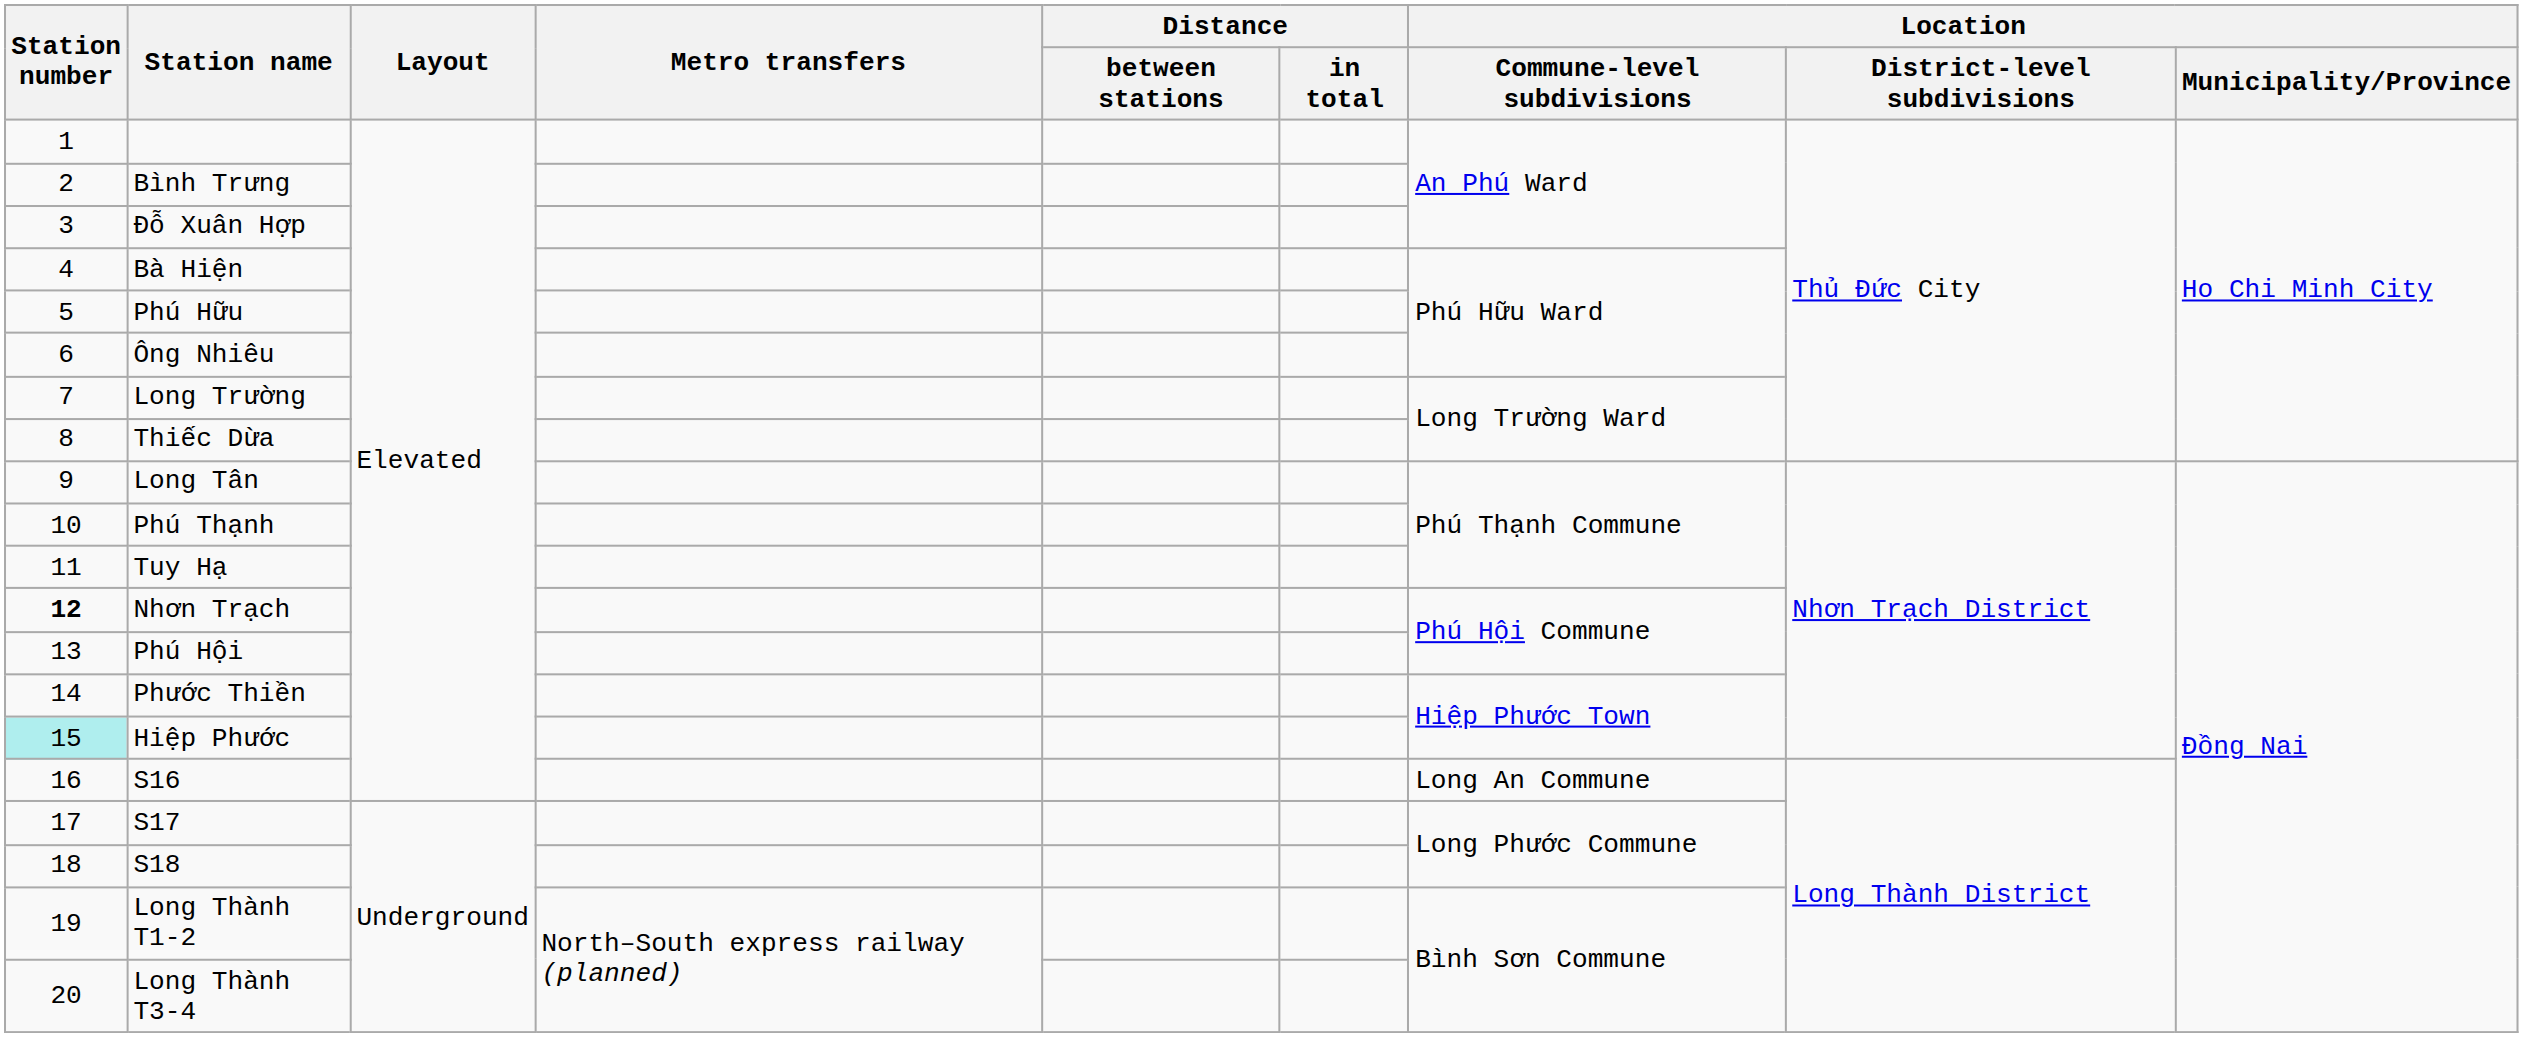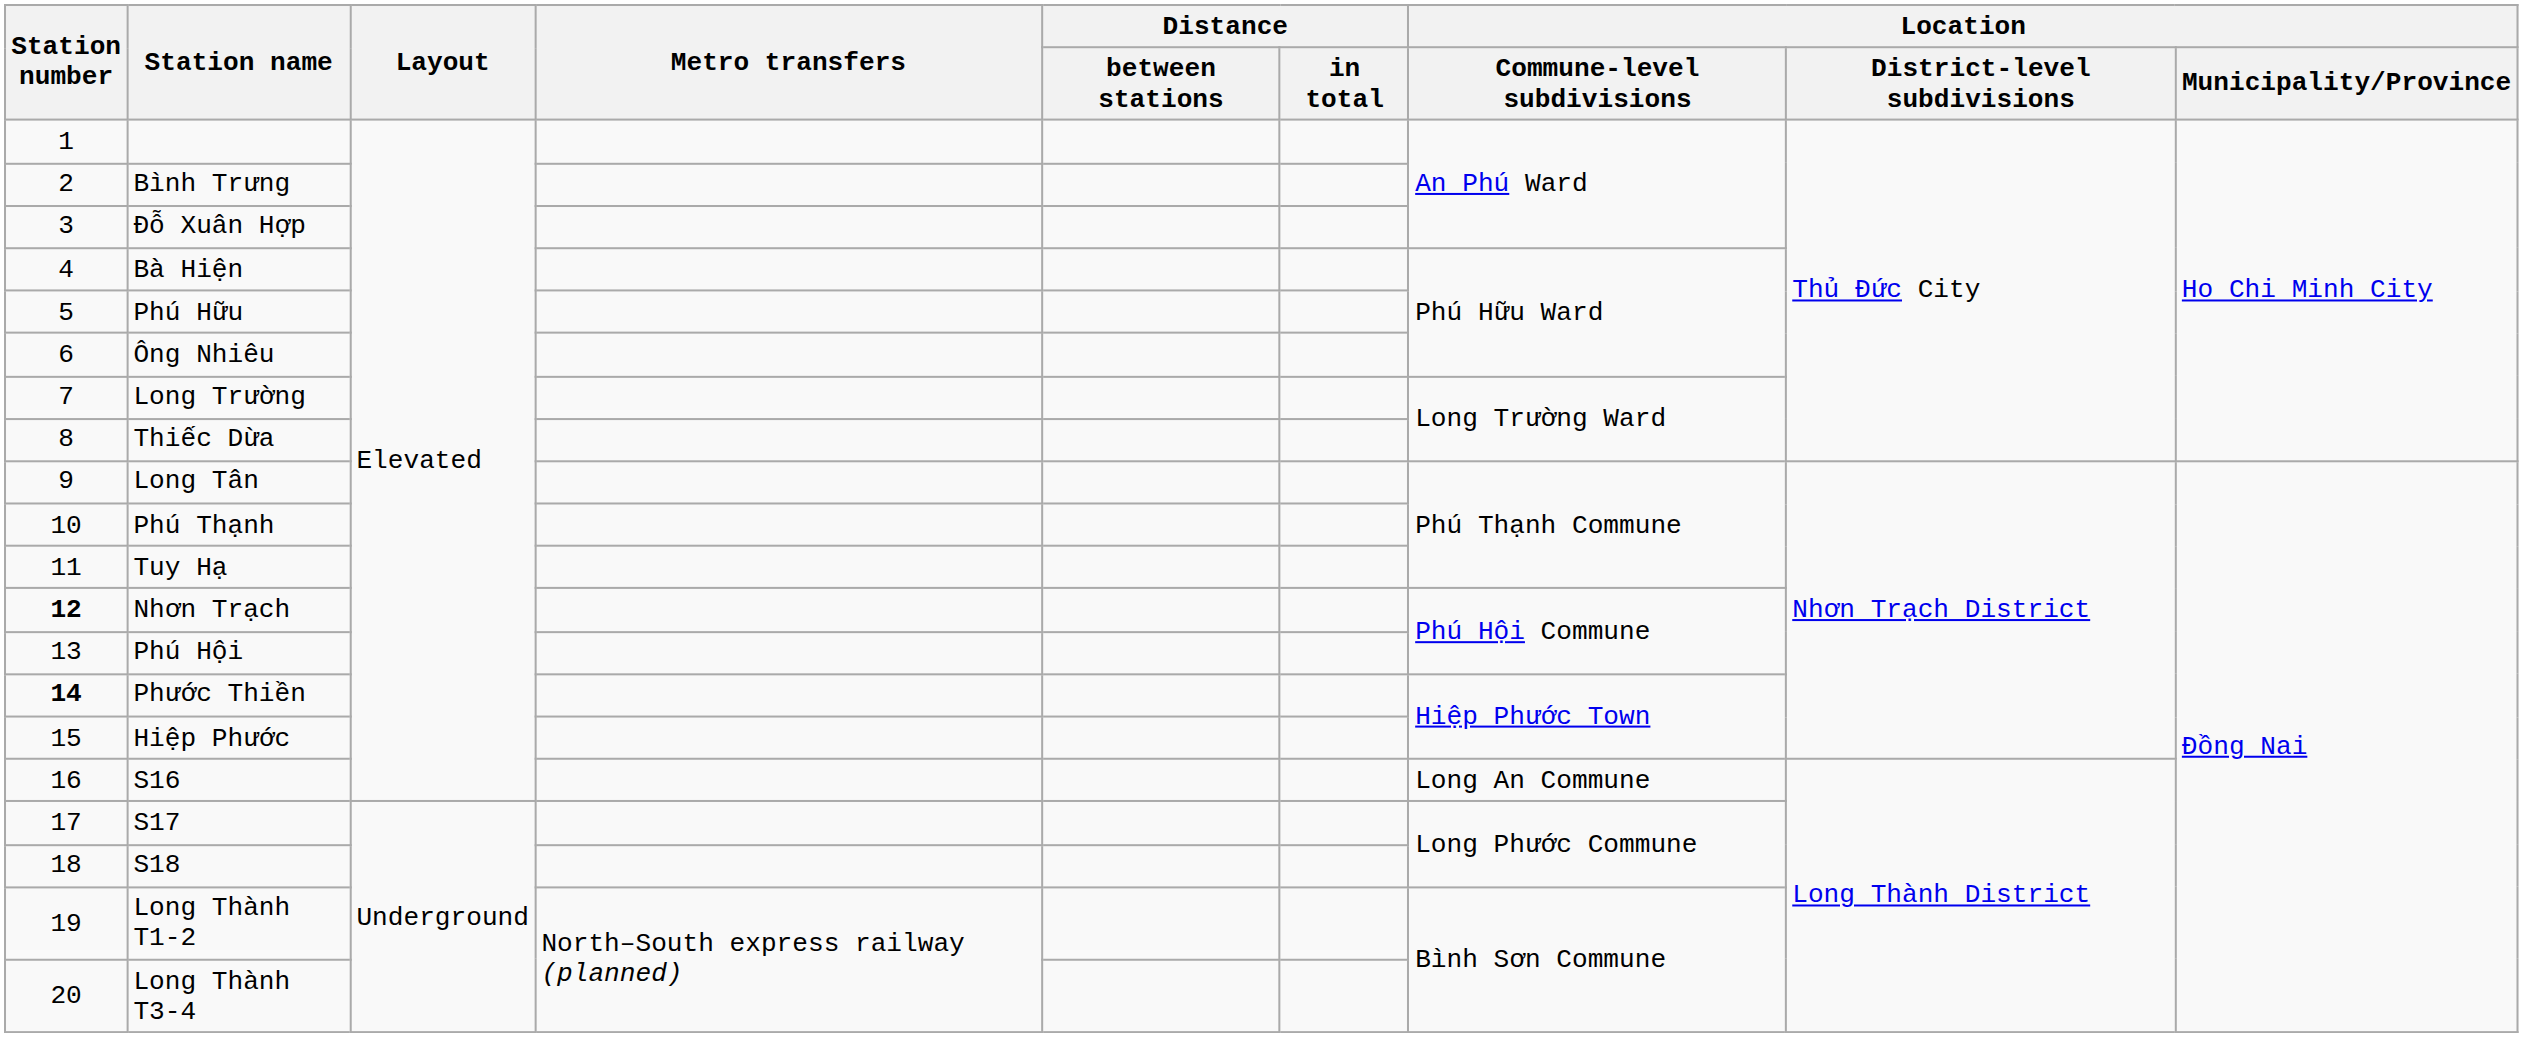 <table class="wikitable">
 <tr>
 <th rowspan=2 width="30">Station number</th>
 <th rowspan="2">Station name</th>
 <th rowspan=2>Layout</th>
 <th rowspan=2>Metro transfers</th>
 <th colspan=2>Distance</th>
 <th colspan=3>Location</th>
 </tr>
 <tr>
 <th>between stations</th>
 <th>in total</th>
 <th>Commune-level subdivisions</th>
 <th>District-level subdivisions</th>
 <th>Municipality/Province</th>
 </tr>
 <tr>
 <td style="text-align:center;">1</td>
 <td></td>
 <td rowspan="16">Elevated</td>
 <td></td>
 <td style="text-align:center;"></td>
 <td style="text-align:center;"></td>
 <td rowspan="3"><a href='#'>An Phú</a> Ward</td>
 <td rowspan="8"><a href='#'>Thủ Đức</a> City</td>
 <td rowspan="8"><a href='#'>Ho Chi Minh City</a></td>
 </tr>
 <tr>
 <td style="text-align:center;">2</td>
 <td>Bình Trưng</td>
 <td></td>
 <td style="text-align:center;"></td>
 <td style="text-align:center;"></td>
 </tr>
 <tr>
 <td style="text-align:center;">3</td>
 <td>Đỗ Xuân Hợp</td>
 <td></td>
 <td style="text-align:center;"></td>
 <td style="text-align:center;"></td>
 </tr>
 <tr>
 <td style="text-align:center;">4</td>
 <td>Bà Hiện</td>
 <td></td>
 <td style="text-align:center;"></td>
 <td style="text-align:center;"></td>
 <td rowspan="3">Phú Hữu Ward</td>
 </tr>
 <tr>
 <td style="text-align:center;">5</td>
 <td>Phú Hữu</td>
 <td></td>
 <td style="text-align:center;"></td>
 <td style="text-align:center;"></td>
 </tr>
 <tr>
 <td style="text-align:center;">6</td>
 <td>Ông Nhiêu</td>
 <td></td>
 <td style="text-align:center;"></td>
 <td style="text-align:center;"></td>
 </tr>
 <tr>
 <td style="text-align:center;">7</td>
 <td>Long Trường</td>
 <td></td>
 <td style="text-align:center;"></td>
 <td style="text-align:center;"></td>
 <td rowspan="2">Long Trường Ward</td>
 </tr>
 <tr>
 <td style="text-align:center;">8</td>
 <td>Thiếc Dừa</td>
 <td></td>
 <td style="text-align:center;"></td>
 <td style="text-align:center;"></td>
 </tr>
 <tr>
 <td style="text-align:center;">9</td>
 <td>Long Tân</td>
 <td></td>
 <td style="text-align:center;"></td>
 <td style="text-align:center;"></td>
 <td rowspan="3">Phú Thạnh Commune</td>
 <td rowspan="7"><a href='#'>Nhơn Trạch District</a></td>
 <td rowspan="12"><a href='#'>Đồng Nai</a></td>
 </tr>
 <tr>
 <td style="text-align:center;">10</td>
 <td>Phú Thạnh</td>
 <td></td>
 <td style="text-align:center;"></td>
 <td style="text-align:center;"></td>
 </tr>
 <tr>
 <td style="text-align:center;">11</td>
 <td>Tuy Hạ</td>
 <td></td>
 <td style="text-align:center;"></td>
 <td style="text-align:center;"></td>
 </tr>
 <tr>
 <td style="text-align:center;"><strong>12</strong></td>
 <td>Nhơn Trạch</td>
 <td></td>
 <td style="text-align:center;"></td>
 <td style="text-align:center;"></td>
 <td rowspan="2"><a href='#'>Phú Hội</a> Commune</td>
 </tr>
 <tr>
 <td style="text-align:center;">13</td>
 <td>Phú Hội</td>
 <td></td>
 <td style="text-align:center;"></td>
 <td style="text-align:center;"></td>
 </tr>
 <tr>
-<td style="text-align:center;">14</td>
+<td style="text-align:center;"><strong>14</strong></td>
 <td>Phước Thiền</td>
 <td></td>
 <td style="text-align:center;"></td>
 <td style="text-align:center;"></td>
 <td rowspan="2"><a href='#'>Hiệp Phước Town</a></td>
 </tr>
 <tr>
-<td style="background: paleturquoise; text-align:center;">15</td>
+<td style="text-align:center;">15</td>
 <td>Hiệp Phước</td>
 <td></td>
 <td style="text-align:center;"></td>
 <td style="text-align:center;"></td>
 </tr>
 <tr>
 <td style="text-align:center;">16</td>
 <td>S16</td>
 <td></td>
 <td style="text-align:center;"></td>
 <td style="text-align:center;"></td>
 <td>Long An Commune</td>
 <td rowspan="5"><a href='#'>Long Thành District</a></td>
 </tr>
 <tr>
 <td style="text-align:center;">17</td>
 <td>S17</td>
 <td rowspan="4">Underground</td>
 <td></td>
 <td style="text-align:center;"></td>
 <td style="text-align:center;"></td>
 <td rowspan="2">Long Phước Commune</td>
 </tr>
 <tr>
 <td style="text-align:center;">18</td>
 <td>S18</td>
 <td></td>
 <td style="text-align:center;"></td>
 <td style="text-align:center;"></td>
 </tr>
 <tr>
 <td style="text-align:center;">19</td>
 <td>Long Thành T1-2</td>
 <td rowspan="2">North–South express railway <em>(planned)</em></td>
 <td style="text-align:center;"></td>
 <td style="text-align:center;"></td>
 <td rowspan="2">Bình Sơn Commune</td>
 </tr>
 <tr>
 <td style="text-align:center;">20</td>
 <td>Long Thành T3-4</td>
 <td style="text-align:center;"></td>
 <td style="text-align:center;"></td>
 </tr>
 </table>
